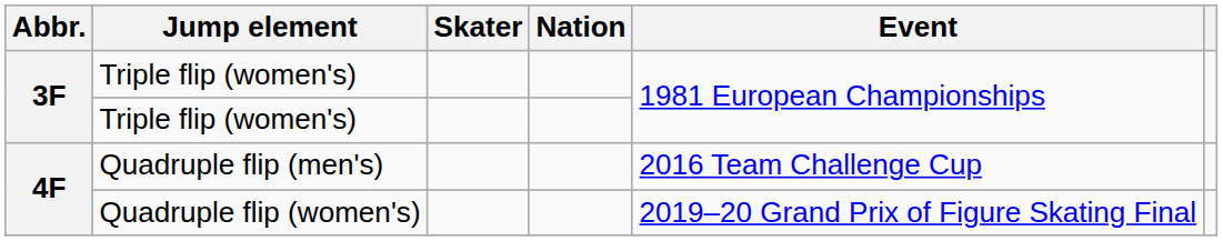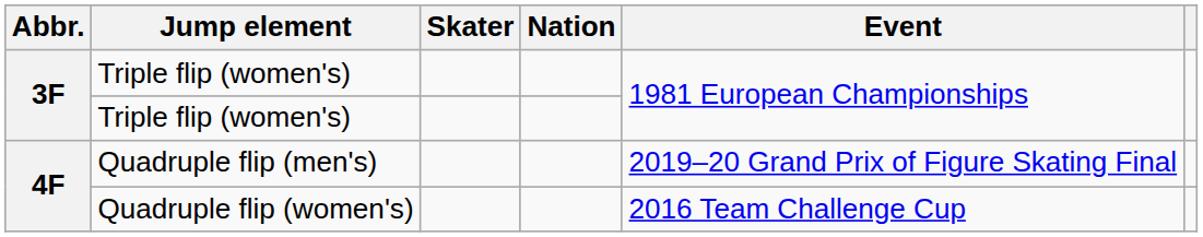 <table class="wikitable sortable">
 <tr>
 <th scope=col>Abbr.</th>
 <th scope=col>Jump element</th>
 <th scope=col>Skater</th>
 <th scope=col>Nation</th>
 <th scope=col>Event</th>
 <th scope=col class="unsortable"></th>
 </tr>
 <tr>
 <th scope=row rowspan=2>3F</th>
 <td>Triple flip (women's)</td>
 <td></td>
 <td></td>
 <td rowspan="2"><a href='#'>1981 European Championships</a></td>
 <td rowspan="2"></td>
 </tr>
 <tr>
 <td>Triple flip (women's)</td>
 <td></td>
 <td></td>
 </tr>
 <tr>
 <th scope=row rowspan=2>4F</th>
 <td>Quadruple flip (men's)</td>
 <td></td>
 <td></td>
-<td><a href='#'>2016 Team Challenge Cup</a></td>
+<td><a href='#'>2019–20 Grand Prix of Figure Skating Final</a></td>
 <td></td>
 </tr>
 <tr>
 <td>Quadruple flip (women's)</td>
 <td></td>
 <td></td>
-<td><a href='#'>2019–20 Grand Prix of Figure Skating Final</a></td>
+<td><a href='#'>2016 Team Challenge Cup</a></td>
 <td></td>
 </tr>
 </table>
